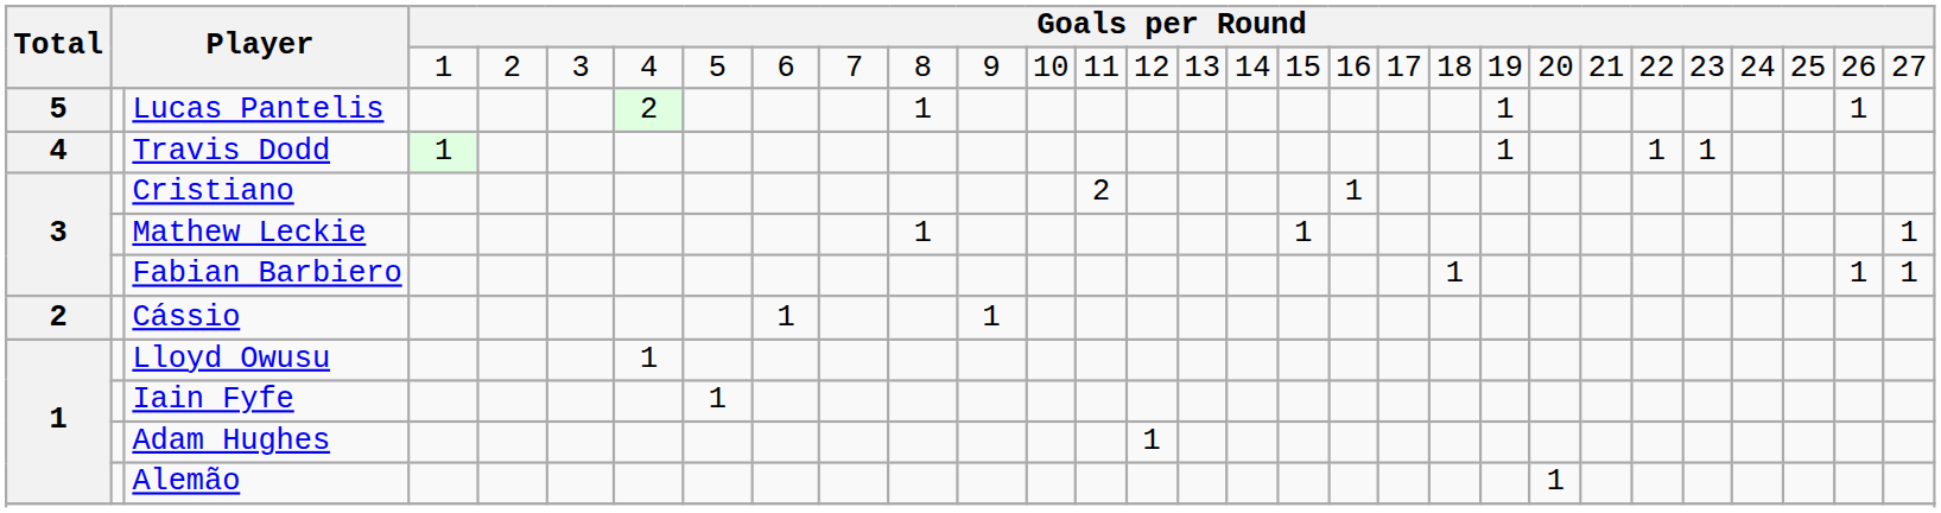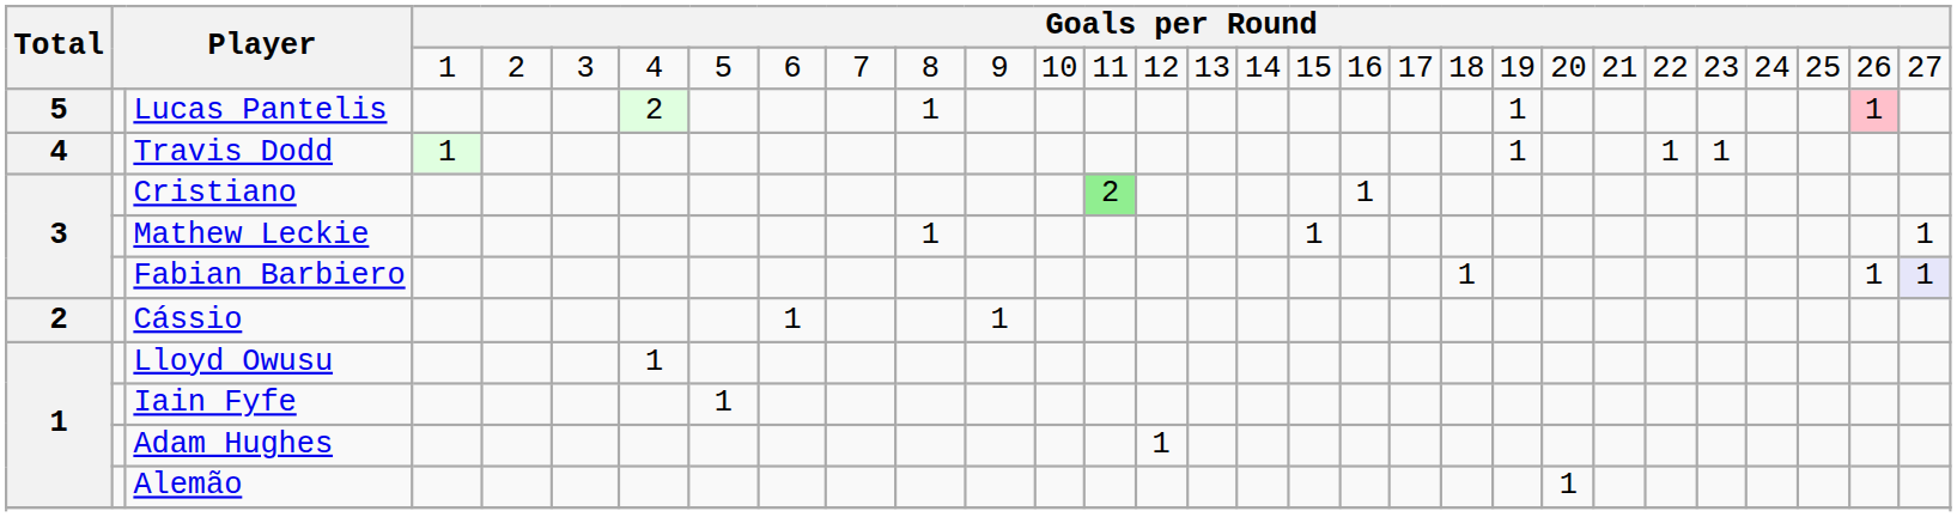 <table class="wikitable" style="text-align:center; line-height: 90%; font-size:90%;">
 <tr>
 <th rowspan="2">Total</th>
 <th rowspan="2" colspan="2">Player</th>
 <th colspan="27">Goals per Round</th>
 </tr>
 <tr>
 <td> 1 </td>
 <td> 2 </td>
 <td> 3 </td>
 <td> 4 </td>
 <td> 5 </td>
 <td> 6 </td>
 <td> 7 </td>
 <td> 8 </td>
 <td> 9 </td>
 <td>10</td>
 <td>11</td>
 <td>12</td>
 <td>13</td>
 <td>14</td>
 <td>15</td>
 <td>16</td>
 <td>17</td>
 <td>18</td>
 <td>19</td>
 <td>20</td>
 <td>21</td>
 <td>22</td>
 <td>23</td>
 <td>24</td>
 <td>25</td>
 <td>26</td>
 <td>27</td>
 </tr>
 <tr>
 <th rowspan=1>5</th>
 <td></td>
 <td style="text-align:left;"><a href='#'>Lucas Pantelis</a></td>
 <td></td>
 <td></td>
 <td></td>
 <td style="background:#e0ffe0;">2</td>
 <td></td>
 <td></td>
 <td></td>
 <td>1</td>
 <td></td>
 <td></td>
 <td></td>
 <td></td>
 <td></td>
 <td></td>
 <td></td>
 <td></td>
 <td></td>
 <td></td>
 <td>1</td>
 <td></td>
 <td></td>
 <td></td>
 <td></td>
 <td></td>
 <td></td>
-<td>1</td>
+<td style="background: pink;">1</td>
 <td></td>
 </tr>
 <tr>
 <th rowspan=1>4</th>
 <td></td>
 <td style="text-align:left;"><a href='#'>Travis Dodd</a></td>
 <td style="background:#e0ffe0;">1</td>
 <td></td>
 <td></td>
 <td></td>
 <td></td>
 <td></td>
 <td></td>
 <td></td>
 <td></td>
 <td></td>
 <td></td>
 <td></td>
 <td></td>
 <td></td>
 <td></td>
 <td></td>
 <td></td>
 <td></td>
 <td>1</td>
 <td></td>
 <td></td>
 <td>1</td>
 <td>1</td>
 <td></td>
 <td></td>
 <td></td>
 <td></td>
 </tr>
 <tr>
 <th rowspan=3>3</th>
 <td></td>
 <td style="text-align:left;"><a href='#'>Cristiano</a></td>
 <td></td>
 <td></td>
 <td></td>
 <td></td>
 <td></td>
 <td></td>
 <td></td>
 <td></td>
 <td></td>
 <td></td>
-<td>2</td>
+<td style="background: lightgreen;">2</td>
 <td></td>
 <td></td>
 <td></td>
 <td></td>
 <td>1</td>
 <td></td>
 <td></td>
 <td></td>
 <td></td>
 <td></td>
 <td></td>
 <td></td>
 <td></td>
 <td></td>
 <td></td>
 <td></td>
 </tr>
 <tr>
 <td></td>
 <td style="text-align:left;"><a href='#'>Mathew Leckie</a></td>
 <td></td>
 <td></td>
 <td></td>
 <td></td>
 <td></td>
 <td></td>
 <td></td>
 <td>1</td>
 <td></td>
 <td></td>
 <td></td>
 <td></td>
 <td></td>
 <td></td>
 <td>1</td>
 <td></td>
 <td></td>
 <td></td>
 <td></td>
 <td></td>
 <td></td>
 <td></td>
 <td></td>
 <td></td>
 <td></td>
 <td></td>
 <td>1</td>
 </tr>
 <tr>
 <td></td>
 <td style="text-align:left;"><a href='#'>Fabian Barbiero</a></td>
 <td></td>
 <td></td>
 <td></td>
 <td></td>
 <td></td>
 <td></td>
 <td></td>
 <td></td>
 <td></td>
 <td></td>
 <td></td>
 <td></td>
 <td></td>
 <td></td>
 <td></td>
 <td></td>
 <td></td>
 <td>1</td>
 <td></td>
 <td></td>
 <td></td>
 <td></td>
 <td></td>
 <td></td>
 <td></td>
 <td>1</td>
-<td>1</td>
+<td style="background: lavender;">1</td>
 </tr>
 <tr>
 <th rowspan=1>2</th>
 <td></td>
 <td style="text-align:left;"><a href='#'>Cássio</a></td>
 <td></td>
 <td></td>
 <td></td>
 <td></td>
 <td></td>
 <td>1</td>
 <td></td>
 <td></td>
 <td>1</td>
 <td></td>
 <td></td>
 <td></td>
 <td></td>
 <td></td>
 <td></td>
 <td></td>
 <td></td>
 <td></td>
 <td></td>
 <td></td>
 <td></td>
 <td></td>
 <td></td>
 <td></td>
 <td></td>
 <td></td>
 <td></td>
 </tr>
 <tr>
 <th rowspan=4>1</th>
 <td></td>
 <td style="text-align:left;"><a href='#'>Lloyd Owusu</a></td>
 <td></td>
 <td></td>
 <td></td>
 <td>1</td>
 <td></td>
 <td></td>
 <td></td>
 <td></td>
 <td></td>
 <td></td>
 <td></td>
 <td></td>
 <td></td>
 <td></td>
 <td></td>
 <td></td>
 <td></td>
 <td></td>
 <td></td>
 <td></td>
 <td></td>
 <td></td>
 <td></td>
 <td></td>
 <td></td>
 <td></td>
 <td></td>
 </tr>
 <tr>
 <td></td>
 <td style="text-align:left;"><a href='#'>Iain Fyfe</a></td>
 <td></td>
 <td></td>
 <td></td>
 <td></td>
 <td>1</td>
 <td></td>
 <td></td>
 <td></td>
 <td></td>
 <td></td>
 <td></td>
 <td></td>
 <td></td>
 <td></td>
 <td></td>
 <td></td>
 <td></td>
 <td></td>
 <td></td>
 <td></td>
 <td></td>
 <td></td>
 <td></td>
 <td></td>
 <td></td>
 <td></td>
 <td></td>
 </tr>
 <tr>
 <td></td>
 <td style="text-align:left;"><a href='#'>Adam Hughes</a></td>
 <td></td>
 <td></td>
 <td></td>
 <td></td>
 <td></td>
 <td></td>
 <td></td>
 <td></td>
 <td></td>
 <td></td>
 <td></td>
 <td>1</td>
 <td></td>
 <td></td>
 <td></td>
 <td></td>
 <td></td>
 <td></td>
 <td></td>
 <td></td>
 <td></td>
 <td></td>
 <td></td>
 <td></td>
 <td></td>
 <td></td>
 <td></td>
 </tr>
 <tr>
 <td></td>
 <td style="text-align:left;"><a href='#'>Alemão</a></td>
 <td></td>
 <td></td>
 <td></td>
 <td></td>
 <td></td>
 <td></td>
 <td></td>
 <td></td>
 <td></td>
 <td></td>
 <td></td>
 <td></td>
 <td></td>
 <td></td>
 <td></td>
 <td></td>
 <td></td>
 <td></td>
 <td></td>
 <td>1</td>
 <td></td>
 <td></td>
 <td></td>
 <td></td>
 <td></td>
 <td></td>
 <td></td>
 </tr>
 <tr>
 </tr>
 <tr>
 </tr>
 </table>
